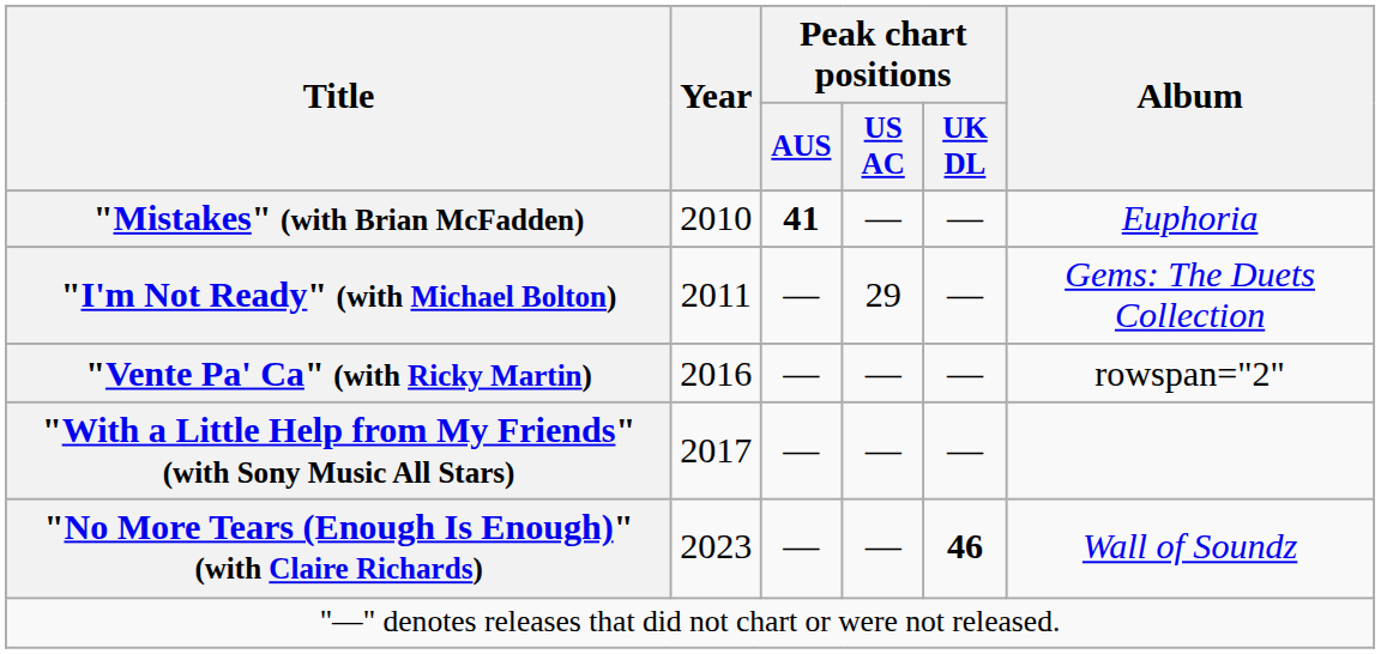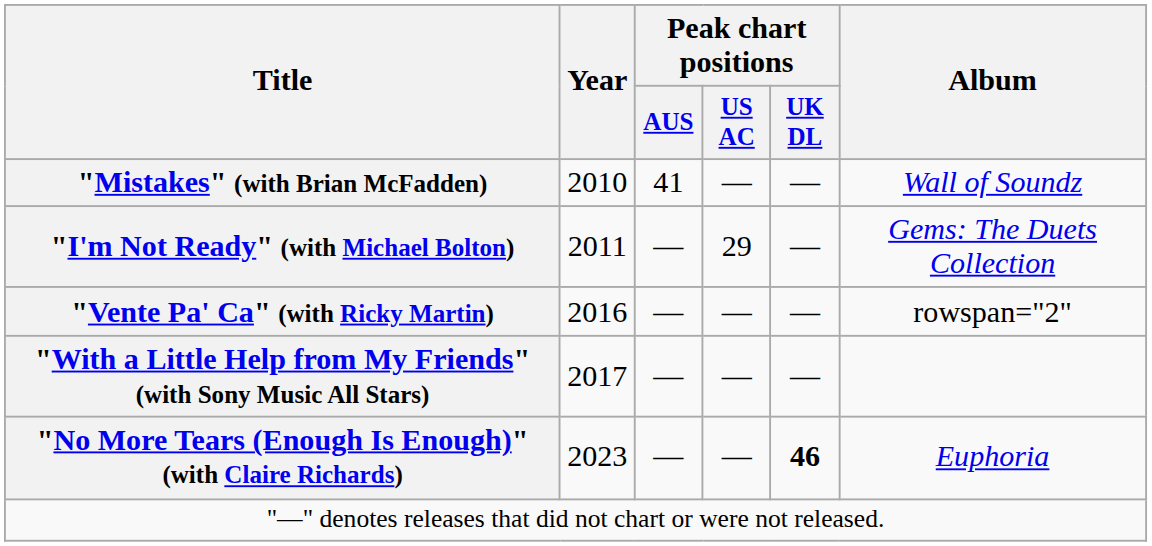 <table class="wikitable plainrowheaders" style="text-align:center;">
 <tr>
 <th rowspan="2" style="width:18em;">Title</th>
 <th rowspan="2">Year</th>
 <th colspan="3">Peak chart positions</th>
 <th rowspan="2">Album</th>
 </tr>
 <tr style="font-size:smaller;">
 <th style="width:30px;"><a href='#'>AUS</a><br></th>
 <th style="width:30px;"><a href='#'>US AC</a></th>
 <th style="width:30px;"><a href='#'>UK DL</a></th>
 </tr>
 <tr>
 <th scope="row">"<a href='#'>Mistakes</a>" <small>(with Brian McFadden)</small></th>
 <td>2010</td>
-<td><strong>41</strong></td>
+<td>41</td>
 <td>—</td>
 <td>—</td>
-<td><em><a href='#'>Euphoria</a></em></td>
+<td><em><a href='#'>Wall of Soundz</a></em></td>
 </tr>
 <tr>
 <th scope="row">"<a href='#'>I'm Not Ready</a>" <small>(with <a href='#'>Michael Bolton</a>)</small></th>
 <td>2011</td>
 <td>—</td>
 <td>29</td>
 <td>—</td>
 <td><em><a href='#'>Gems: The Duets Collection</a></em></td>
 </tr>
 <tr>
 <th scope="row">"<a href='#'>Vente Pa' Ca</a>" <small>(with <a href='#'>Ricky Martin</a>)</small></th>
 <td>2016</td>
 <td>—</td>
 <td>—</td>
 <td>—</td>
 <td>rowspan="2" </td>
 </tr>
 <tr>
 <th scope="row">"<a href='#'>With a Little Help from My Friends</a>" <small>(with Sony Music All Stars)</small></th>
 <td>2017</td>
 <td>—</td>
 <td>—</td>
 <td>—</td>
 </tr>
 <tr>
 <th scope="row">"<a href='#'>No More Tears (Enough Is Enough)</a>" <small>(with <a href='#'>Claire Richards</a>)</small></th>
 <td>2023</td>
 <td>—</td>
 <td>—</td>
 <td><strong>46</strong></td>
-<td><em><a href='#'>Wall of Soundz</a></em></td>
+<td><em><a href='#'>Euphoria</a></em></td>
 </tr>
 <tr>
 <td colspan="20" style="font-size:85%">"—" denotes releases that did not chart or were not released.</td>
 </tr>
 </table>
